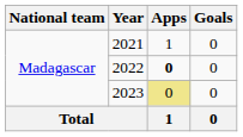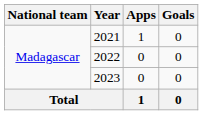 <table class="wikitable" style="text-align:center">
 <tr>
 <th>National team</th>
 <th>Year</th>
 <th>Apps</th>
 <th>Goals</th>
 </tr>
 <tr>
 <td rowspan="3"><a href='#'>Madagascar</a></td>
 <td>2021</td>
 <td>1</td>
 <td>0</td>
 </tr>
 <tr>
 <td>2022</td>
-<td><strong>0</strong></td>
+<td>0</td>
 <td>0</td>
 </tr>
 <tr>
 <td>2023</td>
-<td style="background: khaki;">0</td>
+<td>0</td>
 <td>0</td>
 </tr>
 <tr>
 <th colspan="2">Total</th>
 <th>1</th>
 <th>0</th>
 </tr>
 </table>
